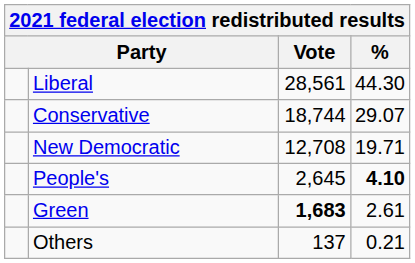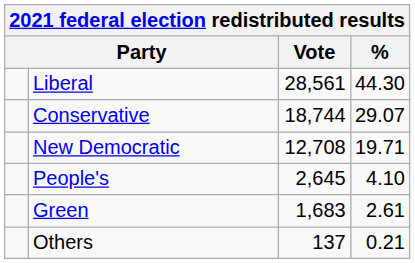 <table class="wikitable">
 <tr>
 <th colspan="4"><a href='#'>2021 federal election</a> redistributed results</th>
 </tr>
 <tr>
 <th bgcolor="#DDDDFF" width="130px" colspan="2">Party</th>
 <th bgcolor="#DDDDFF" width="50px">Vote</th>
 <th bgcolor="#DDDDFF" width="30px">%</th>
 </tr>
 <tr>
 <td> </td>
 <td><a href='#'>Liberal</a></td>
 <td align=right>28,561</td>
 <td align=right>44.30</td>
 </tr>
 <tr>
 <td> </td>
 <td><a href='#'>Conservative</a></td>
 <td align=right>18,744</td>
 <td align=right>29.07</td>
 </tr>
 <tr>
 <td> </td>
 <td><a href='#'>New Democratic</a></td>
 <td align=right>12,708</td>
 <td align=right>19.71</td>
 </tr>
 <tr>
 <td> </td>
 <td><a href='#'>People's</a></td>
 <td align=right>2,645</td>
-<td align=right><strong>4.10</strong></td>
+<td align=right>4.10</td>
 </tr>
 <tr>
 <td> </td>
 <td><a href='#'>Green</a></td>
-<td align=right><strong>1,683</strong></td>
+<td align=right>1,683</td>
 <td align=right>2.61</td>
 </tr>
 <tr>
 <td> </td>
 <td>Others</td>
 <td align=right>137</td>
 <td align=right>0.21</td>
 </tr>
 </table>
